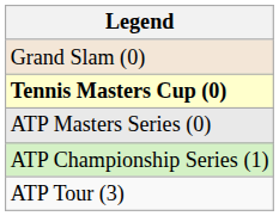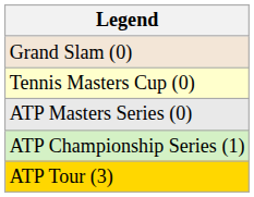 <table class="wikitable sortable mw-collapsible mw-collapsed">
 <tr>
 <th>Legend</th>
 </tr>
 <tr style="background:#f3e6d7;">
 <td>Grand Slam (0)</td>
 </tr>
 <tr style="background:#ffc;">
-<td><strong>Tennis Masters Cup (0)</strong></td>
+<td>Tennis Masters Cup (0)</td>
 </tr>
 <tr style="background:#e9e9e9;">
 <td>ATP Masters Series (0)</td>
 </tr>
 <tr style="background:#d4f1c5;">
 <td>ATP Championship Series (1)</td>
 </tr>
 <tr>
-<td>ATP Tour (3)</td>
+<td style="background: gold;">ATP Tour (3)</td>
 </tr>
 </table>
